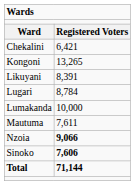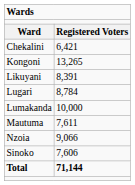 <table class="wikitable">
 <tr>
 <td colspan="2"><strong>Wards</strong></td>
 </tr>
 <tr>
 <td colspan="2"></td>
 </tr>
 <tr>
 <th>Ward</th>
 <th>Registered Voters</th>
 </tr>
 <tr>
 <td>Chekalini</td>
 <td>6,421</td>
 </tr>
 <tr>
 <td>Kongoni</td>
 <td>13,265</td>
 </tr>
 <tr>
 <td>Likuyani</td>
 <td>8,391</td>
 </tr>
 <tr>
 <td>Lugari</td>
 <td>8,784</td>
 </tr>
 <tr>
 <td>Lumakanda</td>
 <td>10,000</td>
 </tr>
 <tr>
 <td>Mautuma</td>
 <td>7,611</td>
 </tr>
 <tr>
 <td>Nzoia</td>
-<td><strong>9,066</strong></td>
+<td>9,066</td>
 </tr>
 <tr>
 <td>Sinoko</td>
-<td><strong>7,606</strong></td>
+<td>7,606</td>
 </tr>
 <tr>
 <td><strong>Total</strong></td>
 <td><strong>71,144</strong></td>
 </tr>
 <tr>
 <td colspan="2"></td>
 </tr>
 </table>
